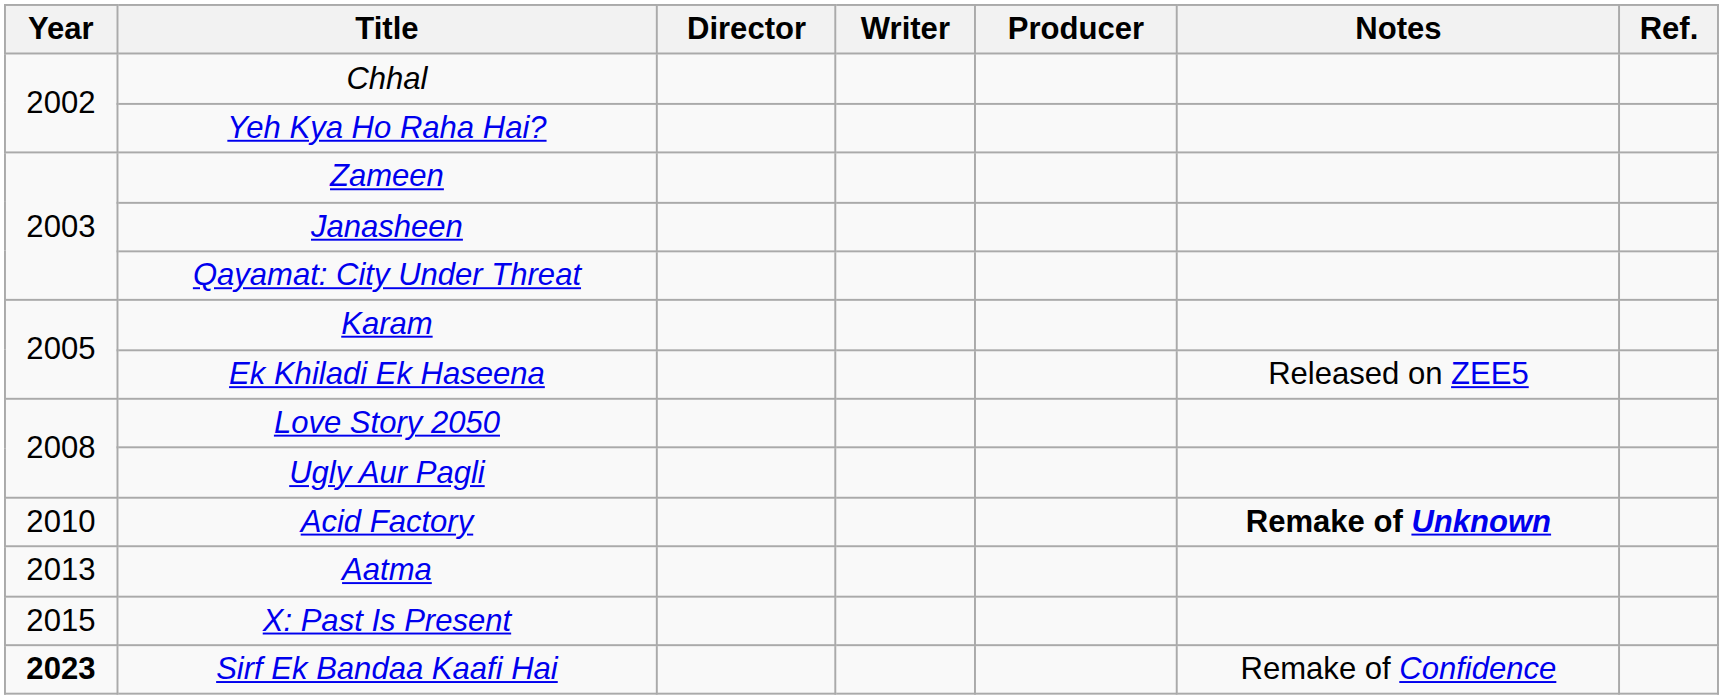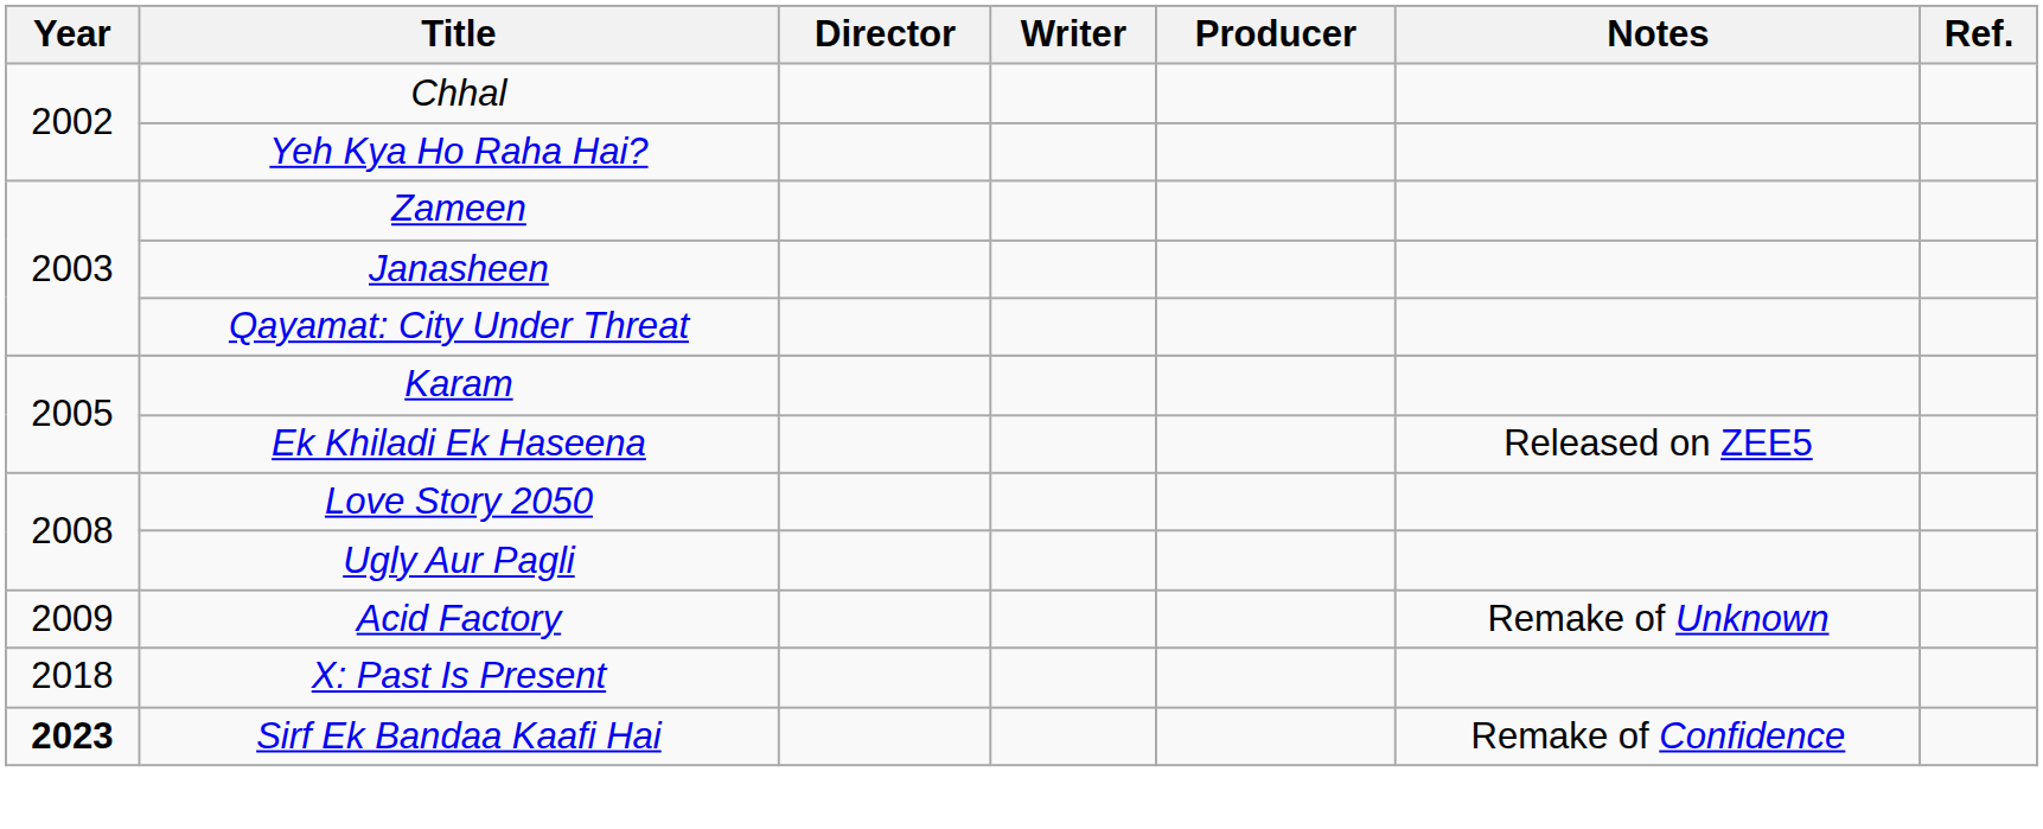 <table class="wikitable plainrowheaders sortable" style="width: 100%; text-align: center;">
 <tr>
 <th scope="col">Year</th>
 <th scope="col">Title</th>
 <th scope="col">Director</th>
 <th scope="col">Writer</th>
 <th scope="col">Producer</th>
 <th scope="col">Notes</th>
 <th scope="col">Ref.</th>
 </tr>
 <tr>
 <td rowspan="2">2002</td>
 <td><em>Chhal</em></td>
 <td></td>
 <td></td>
 <td></td>
 <td></td>
 <td></td>
 </tr>
 <tr>
 <td><em><a href='#'>Yeh Kya Ho Raha Hai?</a></em></td>
 <td></td>
 <td></td>
 <td></td>
 <td></td>
 <td></td>
 </tr>
 <tr>
 <td rowspan="3">2003</td>
 <td><em><a href='#'>Zameen</a></em></td>
 <td></td>
 <td></td>
 <td></td>
 <td></td>
 <td></td>
 </tr>
 <tr>
 <td><em><a href='#'>Janasheen</a></em></td>
 <td></td>
 <td></td>
 <td></td>
 <td></td>
 <td></td>
 </tr>
 <tr>
 <td><em><a href='#'>Qayamat: City Under Threat</a></em></td>
 <td></td>
 <td></td>
 <td></td>
 <td></td>
 <td></td>
 </tr>
 <tr>
 <td rowspan="2">2005</td>
 <td><em><a href='#'>Karam</a></em></td>
 <td></td>
 <td></td>
 <td></td>
 <td></td>
 <td></td>
 </tr>
 <tr>
 <td><em><a href='#'>Ek Khiladi Ek Haseena</a></em></td>
 <td></td>
 <td></td>
 <td></td>
 <td>Released on <a href='#'>ZEE5</a></td>
 <td></td>
 </tr>
 <tr>
 <td rowspan="2">2008</td>
 <td><em><a href='#'>Love Story 2050</a></em></td>
 <td></td>
 <td></td>
 <td></td>
 <td></td>
 <td></td>
 </tr>
 <tr>
 <td><em><a href='#'>Ugly Aur Pagli</a></em></td>
 <td></td>
 <td></td>
 <td></td>
 <td></td>
 <td></td>
 </tr>
 <tr>
-<td>2010</td>
+<td>2009</td>
 <td><em><a href='#'>Acid Factory</a></em></td>
 <td></td>
 <td></td>
 <td></td>
-<td><strong>Remake of <em><a href='#'>Unknown</a></em></strong></td>
+<td>Remake of <em><a href='#'>Unknown</a></em></td>
 <td></td>
 </tr>
 <tr>
-<td>2013</td>
-<td><em><a href='#'>Aatma</a></em></td>
-<td></td>
-<td></td>
-<td></td>
-<td></td>
-<td></td>
-</tr>
-<tr>
-<td>2015</td>
+<td>2018</td>
 <td><em><a href='#'>X: Past Is Present</a></em></td>
 <td></td>
 <td></td>
 <td></td>
 <td></td>
 <td></td>
 </tr>
 <tr>
 <td><strong>2023</strong></td>
 <td><em><a href='#'>Sirf Ek Bandaa Kaafi Hai</a></em></td>
 <td></td>
 <td></td>
 <td></td>
 <td>Remake of <em><a href='#'>Confidence</a></em></td>
 <td></td>
 </tr>
 </table>
